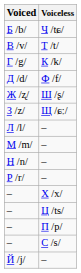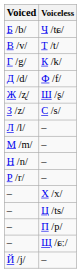 <table class="wikitable floatright">
 <tr>
 <th>Voiced</th>
 <th><small>Voiceless</small></th>
 </tr>
 <tr>
 <td><a href='#'>Б</a> /b/</td>
 <td><a href='#'>Ч</a> /tɕ/</td>
 </tr>
 <tr>
 <td><a href='#'>В</a> /v/</td>
 <td><a href='#'>Т</a> /t/</td>
 </tr>
 <tr>
 <td><a href='#'>Г</a> /g/</td>
 <td><a href='#'>К</a> /k/</td>
 </tr>
 <tr>
 <td><a href='#'>Д</a> /d/</td>
 <td><a href='#'>Ф</a> /f/</td>
 </tr>
 <tr>
 <td><a href='#'>Ж</a> /ʐ/</td>
 <td><a href='#'>Ш</a> /ʂ/</td>
 </tr>
 <tr>
 <td><a href='#'>З</a> /z/</td>
-<td><a href='#'>Щ</a> /ɕː/</td>
+<td><a href='#'>С</a>  /s/</td>
 </tr>
 <tr>
 <td><a href='#'>Л</a> /l/</td>
 <td>–</td>
 </tr>
 <tr>
 <td><a href='#'>М</a> /m/</td>
 <td>–</td>
 </tr>
 <tr>
 <td><a href='#'>Н</a> /n/</td>
 <td>–</td>
 </tr>
 <tr>
 <td><a href='#'>Р</a> /r/</td>
 <td>–</td>
 </tr>
 <tr>
 <td>–</td>
 <td><a href='#'>Х</a> /x/</td>
 </tr>
 <tr>
 <td>–</td>
 <td><a href='#'>Ц</a> /ts/</td>
 </tr>
 <tr>
 <td>–</td>
 <td><a href='#'>П</a> /p/</td>
 </tr>
 <tr>
 <td>–</td>
-<td><a href='#'>С</a>  /s/</td>
+<td><a href='#'>Щ</a> /ɕː/</td>
 </tr>
 <tr>
 <td><a href='#'>Й</a> /j/</td>
 <td>–</td>
 </tr>
 </table>
